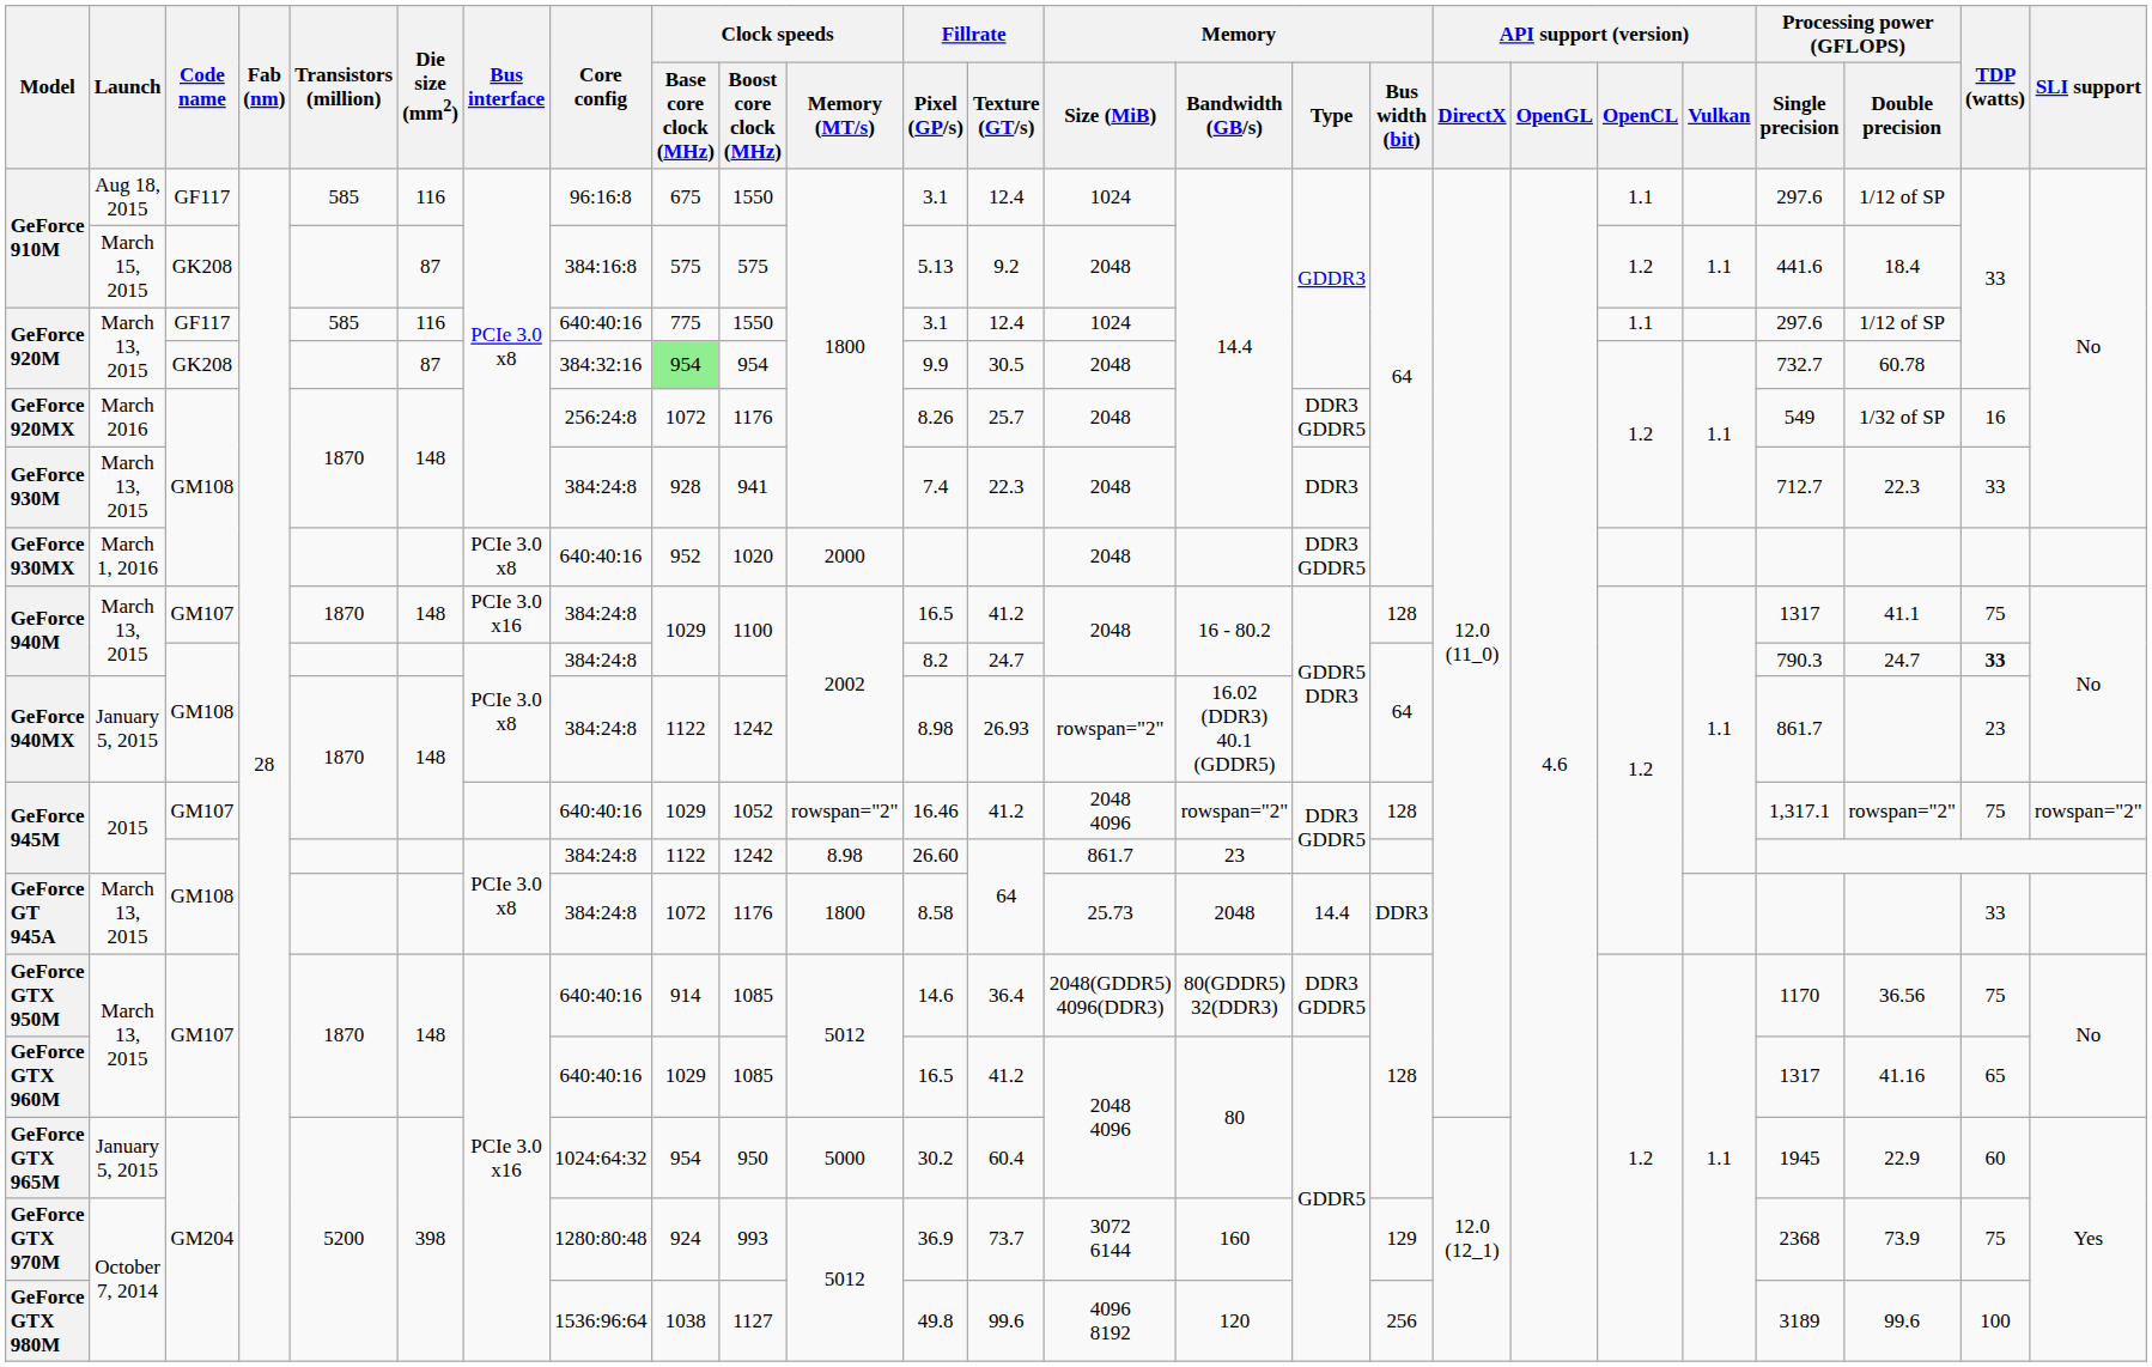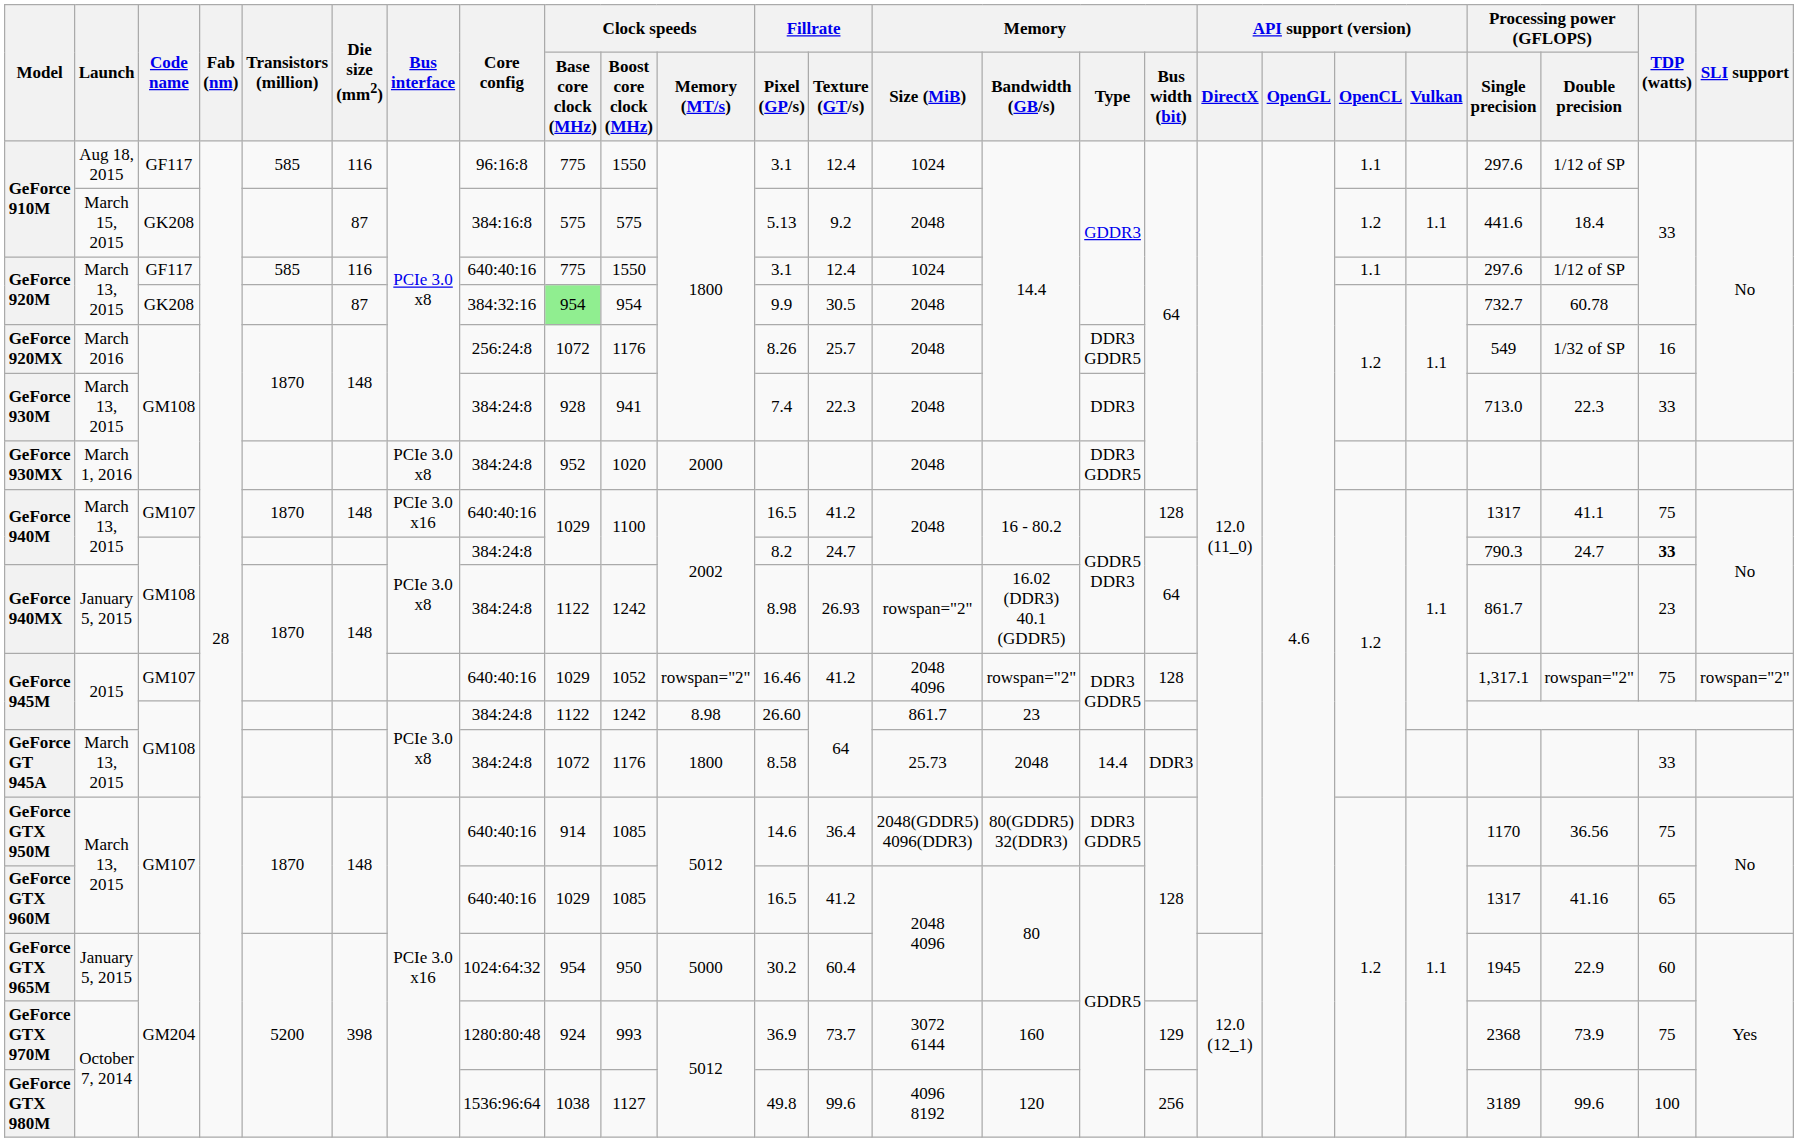 <table class="wikitable sortable sort-under mw-datatable" style="font-size: 85%; text-align: center;">
 <tr>
 <th rowspan="2">Model</th>
 <th rowspan="2">Launch</th>
 <th rowspan="2"><a href='#'>Code name</a></th>
 <th rowspan="2">Fab (<a href='#'>nm</a>)</th>
 <th rowspan="2">Transistors (million)</th>
 <th rowspan="2">Die size (mm<sup>2</sup>)</th>
 <th rowspan="2"><a href='#'>Bus</a> <a href='#'>interface</a></th>
 <th rowspan="2">Core config</th>
 <th colspan="3">Clock speeds</th>
 <th colspan="2"><a href='#'>Fillrate</a></th>
 <th colspan="4">Memory</th>
 <th colspan="4"><a href='#'>API</a> support (version)</th>
 <th colspan="2">Processing power (GFLOPS)</th>
 <th rowspan="2"><a href='#'>TDP</a> (watts)</th>
 <th rowspan="2"><a href='#'>SLI</a> support</th>
 </tr>
 <tr>
 <th>Base core clock (<a href='#'>MHz</a>)</th>
 <th>Boost core clock (<a href='#'>MHz</a>)</th>
 <th>Memory (<a href='#'>MT/s</a>)</th>
 <th>Pixel (<a href='#'>GP</a>/s)</th>
 <th>Texture (<a href='#'>GT</a>/s)</th>
 <th>Size (<a href='#'>MiB</a>)</th>
 <th>Bandwidth (<a href='#'>GB</a>/s)</th>
 <th>Type</th>
 <th>Bus width (<a href='#'>bit</a>)</th>
 <th><a href='#'>DirectX</a></th>
 <th><a href='#'>OpenGL</a></th>
 <th><a href='#'>OpenCL</a></th>
 <th><a href='#'>Vulkan</a></th>
 <th>Single precision</th>
 <th>Double precision</th>
 </tr>
 <tr>
 <th style="text-align:left;" rowspan="2">GeForce 910M</th>
 <td>Aug 18, 2015</td>
 <td>GF117</td>
 <td rowspan="19">28</td>
 <td>585</td>
 <td>116</td>
 <td rowspan="6"><a href='#'>PCIe 3.0</a> x8</td>
 <td>96:16:8</td>
-<td>675</td>
+<td>775</td>
 <td>1550</td>
 <td rowspan="6">1800</td>
 <td>3.1</td>
 <td>12.4</td>
 <td>1024</td>
 <td rowspan="6">14.4</td>
 <td rowspan="4"><a href='#'>GDDR3</a></td>
 <td rowspan="7">64</td>
 <td rowspan="15">12.0 (11_0)</td>
 <td rowspan="19">4.6</td>
 <td>1.1</td>
 <td></td>
 <td>297.6</td>
 <td>1/12 of SP</td>
 <td rowspan="4">33</td>
 <td rowspan="6">No</td>
 </tr>
 <tr>
 <td>March 15, 2015</td>
 <td>GK208</td>
 <td></td>
 <td>87</td>
 <td>384:16:8</td>
 <td>575</td>
 <td>575</td>
 <td>5.13</td>
 <td>9.2</td>
 <td>2048</td>
 <td>1.2</td>
 <td>1.1</td>
 <td>441.6</td>
 <td>18.4</td>
 </tr>
 <tr>
 <th style="text-align:left;" rowspan="2">GeForce 920M</th>
 <td rowspan="2">March 13, 2015</td>
 <td>GF117</td>
 <td>585</td>
 <td>116</td>
 <td>640:40:16</td>
 <td>775</td>
 <td>1550</td>
 <td>3.1</td>
 <td>12.4</td>
 <td>1024</td>
 <td>1.1</td>
 <td></td>
 <td>297.6</td>
 <td>1/12 of SP</td>
 </tr>
 <tr>
 <td>GK208</td>
 <td></td>
 <td>87</td>
 <td>384:32:16</td>
 <td style="background: lightgreen;">954</td>
 <td>954</td>
 <td>9.9</td>
 <td>30.5</td>
 <td>2048</td>
 <td rowspan="3">1.2</td>
 <td rowspan="3">1.1</td>
 <td>732.7</td>
 <td>60.78</td>
 </tr>
 <tr>
 <th style="text-align:left;">GeForce 920MX</th>
 <td>March 2016</td>
 <td rowspan="3">GM108</td>
 <td rowspan="2">1870</td>
 <td rowspan="2">148</td>
 <td>256:24:8</td>
 <td>1072</td>
 <td>1176</td>
 <td>8.26</td>
 <td>25.7</td>
 <td>2048</td>
 <td>DDR3 GDDR5</td>
 <td>549</td>
 <td>1/32 of SP</td>
 <td>16</td>
 </tr>
 <tr>
 <th style="text-align:left;">GeForce 930M</th>
 <td>March 13, 2015</td>
 <td>384:24:8</td>
 <td>928</td>
 <td>941</td>
 <td>7.4</td>
 <td>22.3</td>
 <td>2048</td>
 <td>DDR3</td>
-<td>712.7</td>
+<td>713.0</td>
 <td>22.3</td>
 <td>33</td>
 </tr>
 <tr>
 <th style="text-align:left;">GeForce 930MX</th>
 <td>March 1, 2016</td>
 <td></td>
 <td></td>
 <td>PCIe 3.0 x8</td>
-<td>640:40:16</td>
+<td>384:24:8</td>
 <td>952</td>
 <td>1020</td>
 <td>2000</td>
 <td></td>
 <td></td>
 <td>2048</td>
 <td></td>
 <td>DDR3 GDDR5</td>
 <td></td>
 <td></td>
 <td></td>
 <td></td>
 <td></td>
 <td></td>
 </tr>
 <tr>
 <th style="text-align:left;" rowspan="2">GeForce 940M</th>
 <td rowspan="2">March 13, 2015</td>
 <td>GM107</td>
 <td>1870</td>
 <td>148</td>
 <td>PCIe 3.0 x16</td>
-<td>384:24:8</td>
+<td>640:40:16</td>
 <td rowspan="2">1029</td>
 <td rowspan="2">1100</td>
 <td rowspan="3">2002</td>
 <td>16.5</td>
 <td>41.2</td>
 <td rowspan="2">2048</td>
 <td rowspan="2">16 - 80.2</td>
 <td rowspan="3">GDDR5 DDR3</td>
 <td>128</td>
 <td rowspan="6">1.2</td>
 <td rowspan="5">1.1</td>
 <td>1317</td>
 <td>41.1</td>
 <td>75</td>
 <td rowspan="3">No</td>
 </tr>
 <tr>
 <td rowspan="2">GM108</td>
 <td></td>
 <td></td>
 <td rowspan="2">PCIe 3.0 x8</td>
 <td>384:24:8</td>
 <td>8.2</td>
 <td>24.7</td>
 <td rowspan="2">64</td>
 <td>790.3</td>
 <td>24.7</td>
 <td><strong>33</strong></td>
 </tr>
 <tr>
 <th style="text-align:left;">GeForce 940MX</th>
 <td>January 5, 2015</td>
 <td rowspan="2">1870</td>
 <td rowspan="2">148</td>
 <td>384:24:8</td>
 <td>1122</td>
 <td>1242</td>
 <td>8.98</td>
 <td>26.93</td>
 <td>rowspan="2" </td>
 <td>16.02 (DDR3)<br>40.1 (GDDR5)</td>
 <td>861.7</td>
 <td></td>
 <td>23</td>
 </tr>
 <tr>
 <th style="text-align:left;" rowspan="2">GeForce 945M</th>
 <td rowspan="2">2015</td>
 <td>GM107</td>
 <td></td>
 <td>640:40:16</td>
 <td>1029</td>
 <td>1052</td>
 <td>rowspan="2" </td>
 <td>16.46</td>
 <td>41.2</td>
 <td>2048<br>4096</td>
 <td>rowspan="2" </td>
 <td rowspan="2">DDR3 GDDR5</td>
 <td>128</td>
 <td>1,317.1</td>
 <td>rowspan="2" </td>
 <td>75</td>
 <td>rowspan="2" </td>
 </tr>
 <tr>
 <td rowspan="2">GM108</td>
 <td></td>
 <td></td>
 <td rowspan="2">PCIe 3.0 x8</td>
 <td>384:24:8</td>
 <td>1122</td>
 <td>1242</td>
 <td>8.98</td>
 <td>26.60</td>
 <td rowspan="2">64</td>
 <td>861.7</td>
 <td>23</td>
 </tr>
 <tr>
 <th style="text-align:left;">GeForce GT 945A</th>
 <td>March 13, 2015</td>
 <td></td>
 <td></td>
 <td>384:24:8</td>
 <td>1072</td>
 <td>1176</td>
 <td>1800</td>
 <td>8.58</td>
 <td>25.73</td>
 <td>2048</td>
 <td>14.4</td>
 <td>DDR3</td>
 <td></td>
 <td></td>
 <td></td>
 <td>33</td>
 <td></td>
 </tr>
 <tr>
 <th style="text-align:left;">GeForce GTX 950M</th>
 <td rowspan="2">March 13, 2015</td>
 <td rowspan="2">GM107</td>
 <td rowspan="2">1870</td>
 <td rowspan="2">148</td>
 <td rowspan="6">PCIe 3.0 x16</td>
 <td>640:40:16</td>
 <td>914</td>
 <td>1085</td>
 <td rowspan="2">5012</td>
 <td>14.6</td>
 <td>36.4</td>
 <td>2048(GDDR5)<br>4096(DDR3)</td>
 <td>80(GDDR5)<br>32(DDR3)</td>
 <td>DDR3 GDDR5</td>
 <td rowspan="3">128</td>
 <td rowspan="6">1.2</td>
 <td rowspan="6">1.1</td>
 <td>1170</td>
 <td>36.56</td>
 <td>75</td>
 <td rowspan="2">No</td>
 </tr>
 <tr>
 <th style="text-align:left;">GeForce GTX 960M</th>
 <td>640:40:16</td>
 <td>1029</td>
 <td>1085</td>
 <td>16.5</td>
 <td>41.2</td>
 <td rowspan="2">2048<br>4096</td>
 <td rowspan="2">80</td>
 <td rowspan="5">GDDR5</td>
 <td>1317</td>
 <td>41.16</td>
 <td>65</td>
 </tr>
 <tr>
 <th style="text-align:left;">GeForce GTX 965M</th>
 <td>January 5, 2015</td>
 <td rowspan="4">GM204</td>
 <td rowspan="4">5200</td>
 <td rowspan="4">398</td>
 <td>1024:64:32</td>
 <td>954</td>
 <td>950</td>
 <td>5000</td>
 <td>30.2</td>
 <td>60.4</td>
 <td rowspan="4">12.0 (12_1)</td>
 <td>1945</td>
 <td>22.9</td>
 <td>60</td>
 <td rowspan="4">Yes</td>
 </tr>
 <tr>
 <th style="text-align:left;">GeForce GTX 970M</th>
 <td rowspan="2">October 7, 2014</td>
 <td>1280:80:48</td>
 <td>924</td>
 <td>993</td>
 <td rowspan="2">5012</td>
 <td>36.9</td>
 <td>73.7</td>
 <td>3072<br>6144</td>
 <td>160</td>
 <td>129</td>
 <td>2368</td>
 <td>73.9</td>
 <td>75</td>
 </tr>
 <tr>
 <th style="text-align:left;">GeForce GTX 980M</th>
 <td>1536:96:64</td>
 <td>1038</td>
 <td>1127</td>
 <td>49.8</td>
 <td>99.6</td>
 <td rowspan="2">4096<br>8192</td>
 <td>120</td>
 <td>256</td>
 <td>3189</td>
 <td>99.6</td>
 <td>100</td>
 </tr>
 </table>
